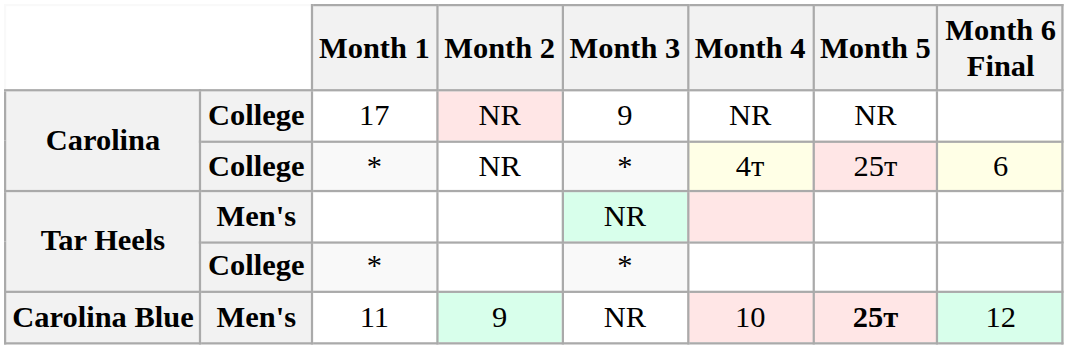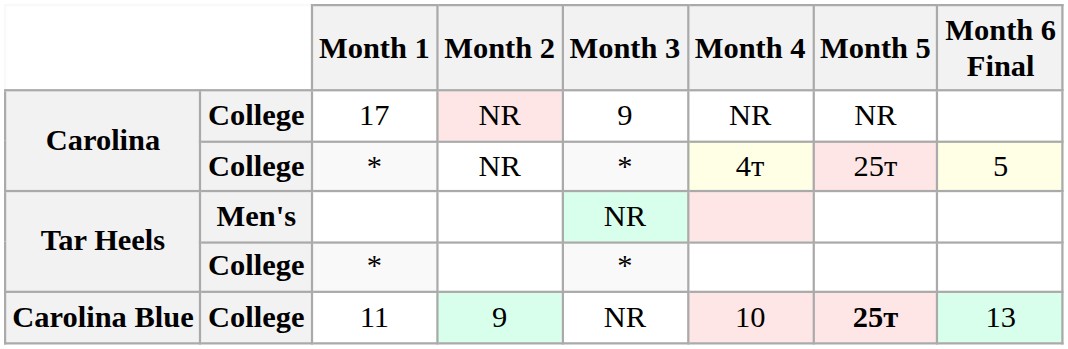 <table class="wikitable" style="white-space:nowrap;font-size:85%;">
 <tr>
 <th colspan=2 style="background:white; border-top-style:hidden; border-left-style:hidden;"> </th>
 <th>Month 1</th>
 <th>Month 2</th>
 <th>Month 3</th>
 <th>Month 4</th>
 <th>Month 5</th>
 <th>Month 6<br>Final</th>
 </tr>
 <tr style="text-align:center;">
 <th rowspan="2">Carolina</th>
 <th>College</th>
 <td style="background:#FFF;">17</td>
 <td style="background:#ffe6e6;">NR</td>
 <td style="background:#FFF;">9</td>
 <td style="background:#FFF;">NR</td>
 <td style="background:#FFF;">NR</td>
 <td style="background:#FFF;"></td>
 </tr>
 <tr style="text-align:center;">
 <th>College</th>
 <td>*</td>
 <td style="background:#FFF;">NR</td>
 <td>*</td>
 <td style="background:#ffffe6;">4т</td>
 <td style="background:#ffe6e6;">25т</td>
-<td style="background:#ffffe6;">6</td>
+<td style="background:#ffffe6;">5</td>
 </tr>
 <tr style="text-align:center;">
 <th rowspan="2" style="background-color:#">Tar Heels</th>
 <th>Men's</th>
 <td style="background:#FFF;"></td>
 <td style="background:#FFF;"></td>
 <td style="background:#d8ffeb;">NR</td>
 <td style="background:#ffe6e6;"></td>
 <td style="background:#FFF;"></td>
 <td style="background:#FFF;"></td>
 </tr>
 <tr style="text-align:center;">
 <th>College</th>
 <td>*</td>
 <td style="background:#FFF;"></td>
 <td>*</td>
 <td style="background:#FFF;"></td>
 <td style="background:#FFF;"></td>
 <td style="background:#FFF;"></td>
 </tr>
 <tr style="text-align:center;">
 <th>Carolina Blue</th>
-<th>Men's</th>
+<th>College</th>
 <td style="background:#FFF;">11</td>
 <td style="background:#d8ffeb;">9</td>
 <td style="background:#FFF;">NR</td>
 <td style="background:#ffe6e6;">10</td>
 <td style="background:#ffe6e6;"><strong>25т</strong></td>
-<td style="background:#d8ffeb;">12</td>
+<td style="background:#d8ffeb;">13</td>
 </tr>
 </table>
